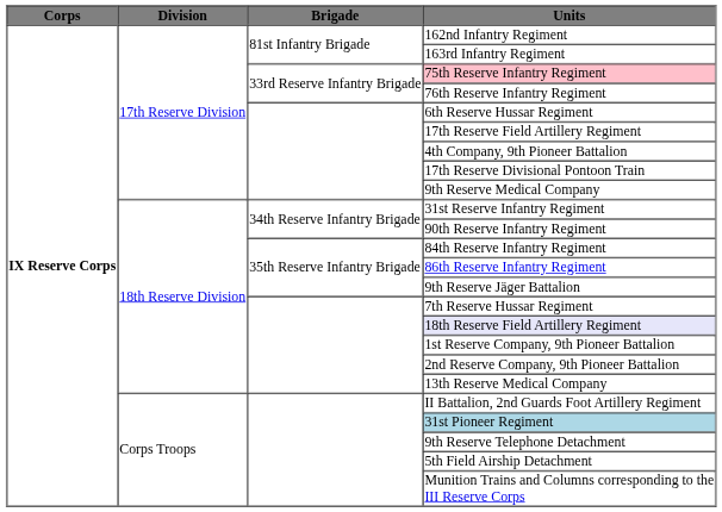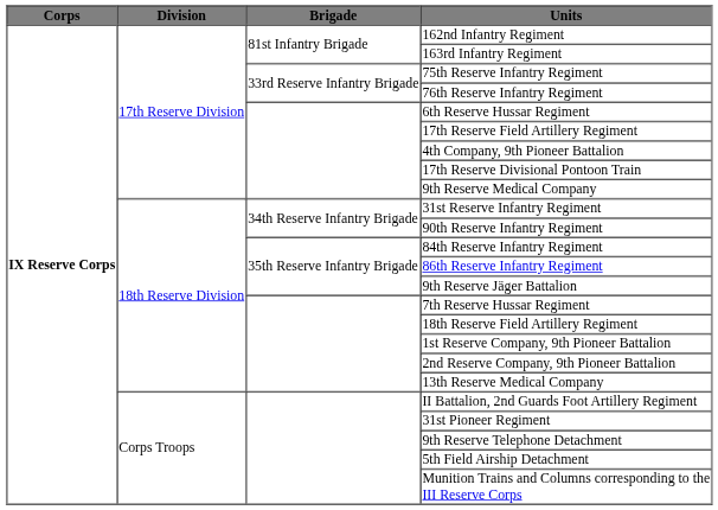 <table style="float: right;" border="1" cellpadding="1" cellspacing="0" style="font-size: 100%; border: gray solid 1px; border-collapse: collapse; text-align: center;">
 <tr style="background-color:grey; color:black;">
 <th>Corps</th>
 <th>Division</th>
 <th>Brigade</th>
 <th>Units</th>
 </tr>
 <tr>
 <td ROWSPAN=24><strong>IX Reserve Corps</strong></td>
 <td ROWSPAN=9><a href='#'>17th Reserve Division</a></td>
 <td ROWSPAN=2>81st Infantry Brigade</td>
 <td>162nd Infantry Regiment</td>
 </tr>
 <tr>
 <td>163rd Infantry Regiment</td>
 </tr>
 <tr>
 <td ROWSPAN=2>33rd Reserve Infantry Brigade</td>
-<td style="background: pink;">75th Reserve Infantry Regiment</td>
+<td>75th Reserve Infantry Regiment</td>
 </tr>
 <tr>
 <td>76th Reserve Infantry Regiment</td>
 </tr>
 <tr>
 <td ROWSPAN=5></td>
 <td>6th Reserve Hussar Regiment</td>
 </tr>
 <tr>
 <td>17th Reserve Field Artillery Regiment</td>
 </tr>
 <tr>
 <td>4th Company, 9th Pioneer Battalion</td>
 </tr>
 <tr>
 <td>17th Reserve Divisional Pontoon Train</td>
 </tr>
 <tr>
 <td>9th Reserve Medical Company</td>
 </tr>
 <tr>
 <td ROWSPAN=10><a href='#'>18th Reserve Division</a></td>
 <td ROWSPAN=2>34th Reserve Infantry Brigade</td>
 <td>31st Reserve Infantry Regiment</td>
 </tr>
 <tr>
 <td>90th Reserve Infantry Regiment</td>
 </tr>
 <tr>
 <td ROWSPAN=3>35th Reserve Infantry Brigade</td>
 <td>84th Reserve Infantry Regiment</td>
 </tr>
 <tr>
 <td><a href='#'>86th Reserve Infantry Regiment</a></td>
 </tr>
 <tr>
 <td>9th Reserve Jäger Battalion</td>
 </tr>
 <tr>
 <td ROWSPAN=5></td>
 <td>7th Reserve Hussar Regiment</td>
 </tr>
 <tr>
-<td style="background: lavender;">18th Reserve Field Artillery Regiment</td>
+<td>18th Reserve Field Artillery Regiment</td>
 </tr>
 <tr>
 <td>1st Reserve Company, 9th Pioneer Battalion</td>
 </tr>
 <tr>
 <td>2nd Reserve Company, 9th Pioneer Battalion</td>
 </tr>
 <tr>
 <td>13th Reserve Medical Company</td>
 </tr>
 <tr>
 <td ROWSPAN=5>Corps Troops</td>
 <td ROWSPAN=5></td>
 <td>II Battalion, 2nd Guards Foot Artillery Regiment</td>
 </tr>
 <tr>
-<td style="background: lightblue;">31st Pioneer Regiment</td>
+<td>31st Pioneer Regiment</td>
 </tr>
 <tr>
 <td>9th Reserve Telephone Detachment</td>
 </tr>
 <tr>
 <td>5th Field Airship Detachment</td>
 </tr>
 <tr>
 <td>Munition Trains and Columns corresponding to the<br><a href='#'>III Reserve Corps</a></td>
 </tr>
 </table>
